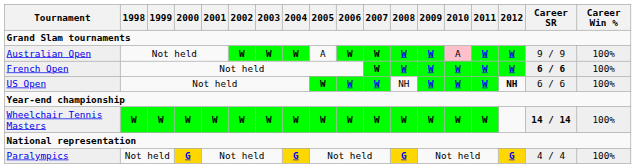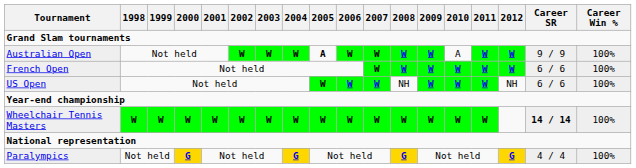 <table class="wikitable">
 <tr style="background:#efefef;">
 <th>Tournament</th>
 <th>1998</th>
 <th>1999</th>
 <th>2000</th>
 <th>2001</th>
 <th>2002</th>
 <th>2003</th>
 <th>2004</th>
 <th>2005</th>
 <th>2006</th>
 <th>2007</th>
 <th>2008</th>
 <th>2009</th>
 <th>2010</th>
 <th>2011</th>
 <th>2012</th>
 <th style="width:65px;">Career SR</th>
 <th style="width:69px;">Career Win %</th>
 </tr>
 <tr>
 <td colspan="22"><strong>Grand Slam tournaments</strong></td>
 </tr>
 <tr>
 <td style="background:#efefef;"><a href='#'>Australian Open</a></td>
 <td colspan="4" style="text-align:center;">Not held</td>
 <td style="text-align:center; background:lime;"><strong>W</strong></td>
 <td style="text-align:center; background:lime;"><strong>W</strong></td>
 <td style="text-align:center; background:lime;"><strong>W</strong></td>
-<td style="text-align:center;">A</td>
+<td style="text-align:center;"><strong>A</strong></td>
 <td style="text-align:center; background:lime;"><strong>W</strong></td>
 <td style="text-align:center; background:lime;"><strong>W</strong></td>
 <td style="text-align:center; background:lime;"><strong><a href='#'>W</a></strong></td>
 <td style="text-align:center; background:lime;"><strong><a href='#'>W</a></strong></td>
-<td style="background: pink; text-align:center;">A</td>
+<td style="text-align:center;">A</td>
 <td style="text-align:center; background:lime;"><strong><a href='#'>W</a></strong></td>
 <td style="text-align:center; background:lime;"><strong><a href='#'>W</a></strong></td>
 <td style="text-align:center; background:#efefef;">9 / 9</td>
 <td style="text-align:center; background:#efefef;">100%</td>
 </tr>
 <tr>
 <td style="background:#efefef;"><a href='#'>French Open</a></td>
 <td colspan="9" style="text-align:center;">Not held</td>
 <td style="text-align:center; background:lime;"><strong>W</strong></td>
 <td style="text-align:center; background:lime;"><strong><a href='#'>W</a></strong></td>
 <td style="text-align:center; background:lime;"><strong><a href='#'>W</a></strong></td>
 <td style="text-align:center; background:lime;"><strong><a href='#'>W</a></strong></td>
 <td style="text-align:center; background:lime;"><strong><a href='#'>W</a></strong></td>
 <td style="text-align:center; background:lime;"><strong><a href='#'>W</a></strong></td>
-<td style="text-align:center; background:#efefef;"><strong>6 / 6</strong></td>
+<td style="text-align:center; background:#efefef;">6 / 6</td>
 <td style="text-align:center; background:#efefef;">100%</td>
 </tr>
 <tr>
 <td style="background:#efefef;"><a href='#'>US Open</a></td>
 <td colspan="7" style="text-align:center;">Not held</td>
 <td style="text-align:center; background:lime;"><strong>W</strong></td>
 <td style="text-align:center; background:lime;"><strong><a href='#'>W</a></strong></td>
 <td style="text-align:center; background:lime;"><strong><a href='#'>W</a></strong></td>
 <td style="text-align:center;">NH</td>
 <td style="text-align:center; background:lime;"><strong><a href='#'>W</a></strong></td>
 <td style="text-align:center; background:lime;"><strong><a href='#'>W</a></strong></td>
 <td style="text-align:center; background:lime;"><strong><a href='#'>W</a></strong></td>
-<td style="text-align:center;"><strong>NH</strong></td>
+<td style="text-align:center;">NH</td>
 <td style="text-align:center; background:#efefef;">6 / 6</td>
 <td style="text-align:center; background:#efefef;">100%</td>
 </tr>
 <tr>
 <td colspan="18"><strong>Year-end championship</strong></td>
 </tr>
 <tr>
 <td style="background:#efefef;"><a href='#'>Wheelchair Tennis Masters</a></td>
 <td style="text-align:center; background:lime;"><strong>W</strong></td>
 <td style="text-align:center; background:lime;"><strong>W</strong></td>
 <td style="text-align:center; background:lime;"><strong>W</strong></td>
 <td style="text-align:center; background:lime;"><strong>W</strong></td>
 <td style="text-align:center; background:lime;"><strong>W</strong></td>
 <td style="text-align:center; background:lime;"><strong>W</strong></td>
 <td style="text-align:center; background:lime;"><strong>W</strong></td>
 <td style="text-align:center; background:lime;"><strong>W</strong></td>
 <td style="text-align:center; background:lime;"><strong>W</strong></td>
 <td style="text-align:center; background:lime;"><strong>W</strong></td>
 <td style="text-align:center; background:lime;"><strong>W</strong></td>
 <td style="text-align:center; background:lime;"><strong>W</strong></td>
 <td style="text-align:center; background:lime;"><strong>W</strong></td>
 <td style="text-align:center; background:lime;"><strong>W</strong></td>
 <td style="text-align:center;"></td>
 <td style="text-align:center; background:#efefef;"><strong>14 / 14</strong></td>
 <td style="text-align:center; background:#efefef;">100%</td>
 </tr>
 <tr>
 <td colspan="18"><strong>National representation</strong></td>
 </tr>
 <tr>
 <td style="background:#efefef;"><a href='#'>Paralympics</a></td>
 <td colspan="2" style="text-align:center;">Not held</td>
 <td style="text-align:center; background:gold;"><strong><a href='#'>G</a></strong></td>
 <td colspan="3" style="text-align:center;">Not held</td>
 <td style="text-align:center; background:gold;"><strong><a href='#'>G</a></strong></td>
 <td colspan="3" style="text-align:center;">Not held</td>
 <td style="text-align:center; background:gold;"><strong><a href='#'>G</a></strong></td>
 <td colspan="3" style="text-align:center;">Not held</td>
 <td style="text-align:center; background:gold;"><strong><a href='#'>G</a></strong></td>
 <td style="text-align:center; background:#efefef;">4 / 4</td>
 <td style="text-align:center; background:#efefef;">100%</td>
 </tr>
 </table>
